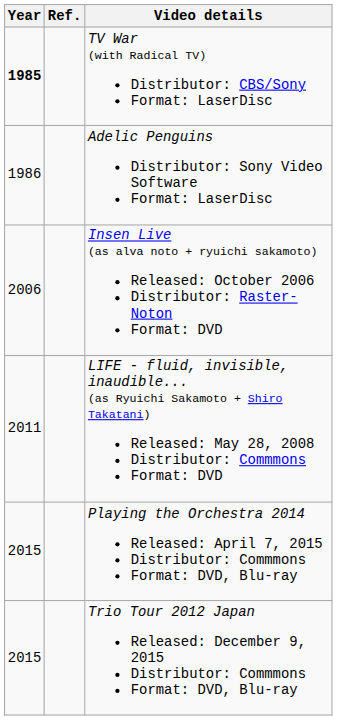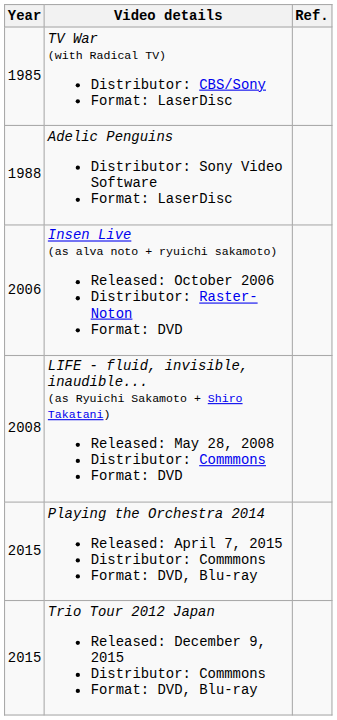 <table class="wikitable">
 <tr>
 <th style="width:25px;">Year</th>
+<th style="width:225px;">Video details</th>
 <th>Ref.</th>
-<th style="width:225px;">Video details</th>
 </tr>
 <tr>
-<td><strong>1985</strong></td>
+<td>1985</td>
+<td><em>TV War</em><br><small>(with Radical TV)</small><br><ul><li>Distributor: <a href='#'>CBS/Sony</a></li><li>Format: LaserDisc</li></ul></td>
 <td style="text-align:center;"></td>
-<td><em>TV War</em><br><small>(with Radical TV)</small><br><ul><li>Distributor: <a href='#'>CBS/Sony</a></li><li>Format: LaserDisc</li></ul></td>
 </tr>
 <tr>
-<td>1986</td>
+<td>1988</td>
+<td><em>Adelic Penguins</em><br><ul><li>Distributor: Sony Video Software</li><li>Format: LaserDisc</li></ul></td>
 <td style="text-align:center;"></td>
-<td><em>Adelic Penguins</em><br><ul><li>Distributor: Sony Video Software</li><li>Format: LaserDisc</li></ul></td>
 </tr>
 <tr>
 <td>2006</td>
+<td><em><a href='#'>Insen Live</a></em><br><small>(as alva noto + ryuichi sakamoto)</small><br><ul><li>Released: October 2006</li><li>Distributor: <a href='#'>Raster-Noton</a></li><li>Format: DVD</li></ul></td>
 <td style="text-align:center;"></td>
-<td><em><a href='#'>Insen Live</a></em><br><small>(as alva noto + ryuichi sakamoto)</small><br><ul><li>Released: October 2006</li><li>Distributor: <a href='#'>Raster-Noton</a></li><li>Format: DVD</li></ul></td>
 </tr>
 <tr>
-<td>2011</td>
+<td>2008</td>
+<td><em>LIFE - fluid, invisible, inaudible...</em><br><small>(as Ryuichi Sakamoto + <a href='#'>Shiro Takatani</a>)</small><br><ul><li>Released: May 28, 2008</li><li>Distributor: <a href='#'>Commmons</a></li><li>Format: DVD</li></ul></td>
 <td style="text-align:center;"></td>
-<td><em>LIFE - fluid, invisible, inaudible...</em><br><small>(as Ryuichi Sakamoto + <a href='#'>Shiro Takatani</a>)</small><br><ul><li>Released: May 28, 2008</li><li>Distributor: <a href='#'>Commmons</a></li><li>Format: DVD</li></ul></td>
 </tr>
 <tr>
 <td>2015</td>
+<td><em>Playing the Orchestra 2014</em><br><ul><li>Released: April 7, 2015</li><li>Distributor: Commmons</li><li>Format: DVD, Blu-ray</li></ul></td>
 <td style="text-align:center;"></td>
-<td><em>Playing the Orchestra 2014</em><br><ul><li>Released: April 7, 2015</li><li>Distributor: Commmons</li><li>Format: DVD, Blu-ray</li></ul></td>
 </tr>
 <tr>
 <td>2015</td>
+<td><em>Trio Tour 2012 Japan</em><br><ul><li>Released: December 9, 2015</li><li>Distributor: Commmons</li><li>Format: DVD, Blu-ray</li></ul></td>
 <td style="text-align:center;"></td>
-<td><em>Trio Tour 2012 Japan</em><br><ul><li>Released: December 9, 2015</li><li>Distributor: Commmons</li><li>Format: DVD, Blu-ray</li></ul></td>
 </tr>
 </table>
